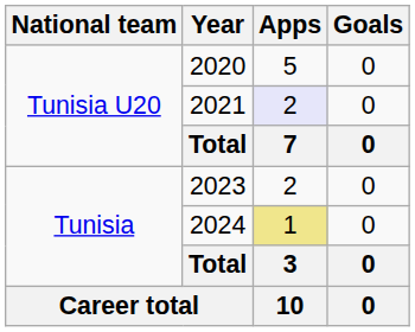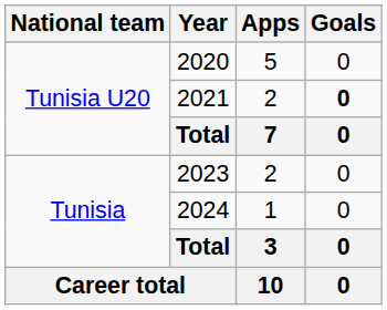 <table class="wikitable" style="text-align:center">
 <tr>
 <th>National team</th>
 <th>Year</th>
 <th>Apps</th>
 <th>Goals</th>
 </tr>
 <tr>
 <td rowspan="3"><a href='#'>Tunisia U20</a></td>
 <td>2020</td>
 <td>5</td>
 <td>0</td>
 </tr>
 <tr>
 <td>2021</td>
-<td style="background: lavender;">2</td>
-<td>0</td>
+<td>2</td>
+<td><strong>0</strong></td>
 </tr>
 <tr>
 <th>Total</th>
 <th>7</th>
 <th>0</th>
 </tr>
 <tr>
 <td rowspan="3"><a href='#'>Tunisia</a></td>
 <td>2023</td>
 <td>2</td>
 <td>0</td>
 </tr>
 <tr>
 <td>2024</td>
-<td style="background: khaki;">1</td>
+<td>1</td>
 <td>0</td>
 </tr>
 <tr>
 <th>Total</th>
 <th>3</th>
 <th>0</th>
 </tr>
 <tr>
 <th colspan="2">Career total</th>
 <th>10</th>
 <th>0</th>
 </tr>
 </table>
